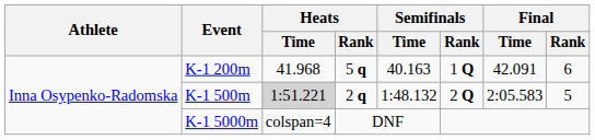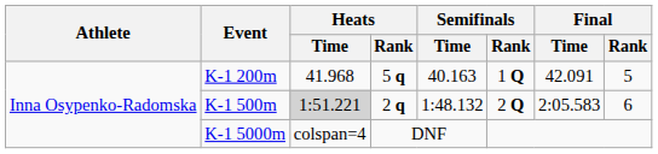 <table class="wikitable" style="font-size:90%">
 <tr>
 <th rowspan=2>Athlete</th>
 <th rowspan=2>Event</th>
 <th colspan=2>Heats</th>
 <th colspan=2>Semifinals</th>
 <th colspan=2>Final</th>
 </tr>
 <tr style="font-size:95%">
 <th>Time</th>
 <th>Rank</th>
 <th>Time</th>
 <th>Rank</th>
 <th>Time</th>
 <th>Rank</th>
 </tr>
 <tr align=center>
 <td align=left rowspan=3><a href='#'>Inna Osypenko-Radomska</a></td>
 <td align=left><a href='#'>K-1 200m</a></td>
 <td>41.968</td>
 <td>5 <strong>q</strong></td>
 <td>40.163</td>
 <td>1 <strong>Q</strong></td>
 <td>42.091</td>
-<td>6</td>
+<td>5</td>
 </tr>
 <tr align=center>
 <td align=left><a href='#'>K-1 500m</a></td>
 <td style="background: lightgrey;">1:51.221</td>
 <td>2 <strong>q</strong></td>
 <td>1:48.132</td>
 <td>2 <strong>Q</strong></td>
 <td>2:05.583</td>
-<td>5</td>
+<td>6</td>
 </tr>
 <tr align=center>
 <td align=left><a href='#'>K-1 5000m</a></td>
 <td>colspan=4 </td>
 <td colspan=2>DNF</td>
 </tr>
 </table>
